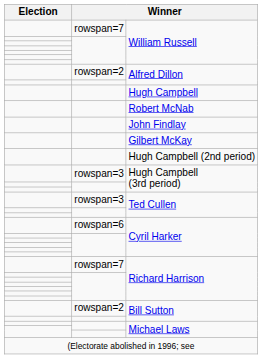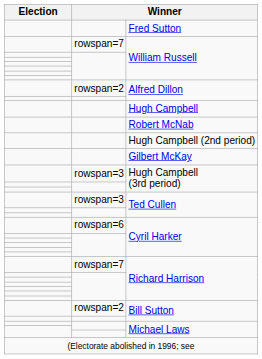 <table class=wikitable>
 <tr>
 <th width=100>Election</th>
 <th width=175 colspan=2>Winner</th>
+</tr>
+<tr>
+<td></td>
+<td></td>
+<td><a href='#'>Fred Sutton</a></td>
 </tr>
 <tr>
 <td></td>
 <td>rowspan=7 </td>
 <td rowspan=7><a href='#'>William Russell</a></td>
 </tr>
 <tr>
 <td></td>
 </tr>
 <tr>
 <td></td>
 </tr>
 <tr>
 <td></td>
 </tr>
 <tr>
 <td></td>
 </tr>
 <tr>
 <td></td>
 </tr>
 <tr>
 <td></td>
 </tr>
 <tr>
 <td></td>
 <td>rowspan=2 </td>
 <td rowspan=2><a href='#'>Alfred Dillon</a></td>
 </tr>
 <tr>
 <td></td>
 </tr>
 <tr>
 <td></td>
 <td></td>
 <td><a href='#'>Hugh Campbell</a></td>
 </tr>
 <tr>
 <td></td>
 <td></td>
 <td><a href='#'>Robert McNab</a></td>
 </tr>
 <tr>
 <td></td>
 <td></td>
-<td><a href='#'>John Findlay</a></td>
+<td>Hugh Campbell <span>(2nd period)</span></td>
 </tr>
 <tr>
 <td></td>
 <td></td>
 <td><a href='#'>Gilbert McKay</a></td>
-</tr>
-<tr>
-<td></td>
-<td></td>
-<td>Hugh Campbell <span>(2nd period)</span></td>
 </tr>
 <tr>
 <td></td>
 <td>rowspan=3 </td>
 <td rowspan=3>Hugh Campbell<br> <span>(3rd period)</span></td>
 </tr>
 <tr>
 <td></td>
 </tr>
 <tr>
 <td></td>
 </tr>
 <tr>
 <td></td>
 <td>rowspan=3 </td>
 <td rowspan=3><a href='#'>Ted Cullen</a></td>
 </tr>
 <tr>
 <td></td>
 </tr>
 <tr>
 <td></td>
 </tr>
 <tr>
 <td></td>
 <td>rowspan=6 </td>
 <td rowspan=6><a href='#'>Cyril Harker</a></td>
 </tr>
 <tr>
 <td></td>
 </tr>
 <tr>
 <td></td>
 </tr>
 <tr>
 <td></td>
 </tr>
 <tr>
 <td></td>
 </tr>
 <tr>
 <td></td>
 </tr>
 <tr>
 <td></td>
 <td>rowspan=7 </td>
 <td rowspan=7><a href='#'>Richard Harrison</a></td>
 </tr>
 <tr>
 <td></td>
 </tr>
 <tr>
 <td></td>
 </tr>
 <tr>
 <td></td>
 </tr>
 <tr>
 <td></td>
 </tr>
 <tr>
 <td></td>
 </tr>
 <tr>
 <td></td>
 </tr>
 <tr>
 <td></td>
 <td>rowspan=2 </td>
 <td rowspan=2><a href='#'>Bill Sutton</a></td>
 </tr>
 <tr>
 <td></td>
 </tr>
 <tr>
 <td></td>
 <td style="border-bottom:solid 0 grey; background:"></td>
 <td rowspan = 3><a href='#'>Michael Laws</a></td>
 </tr>
 <tr>
 <td rowspan = 2></td>
 <td style="border-top:solid 0 grey; background:"></td>
 </tr>
 <tr>
 <td height=5 style="border-top:solid 0 grey; background:"></td>
 </tr>
 <tr>
 <td colspan=3 align=center><small>(Electorate abolished in 1996; see </small></td>
 </tr>
 </table>
